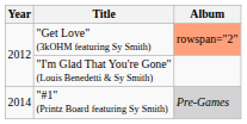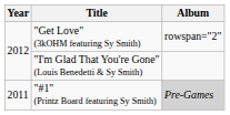 <table class="wikitable">
 <tr>
 <th rowspan="1">Year</th>
 <th rowspan="1">Title</th>
 <th rowspan="1">Album</th>
 </tr>
 <tr>
 <td rowspan="2">2012</td>
 <td>"Get Love"<br><small>(3kOHM featuring Sy Smith)</small></td>
-<td style="background: lightsalmon;">rowspan="2" </td>
+<td>rowspan="2" </td>
 </tr>
 <tr>
 <td>"I'm Glad That You're Gone"<br><small>(Louis Benedetti & Sy Smith)</small></td>
 </tr>
 <tr>
-<td>2014</td>
+<td>2011</td>
 <td>"#1"<br><small>(Printz Board featuring Sy Smith)</small></td>
 <td style="background: lightgrey;"><em>Pre-Games</em></td>
 </tr>
 </table>
